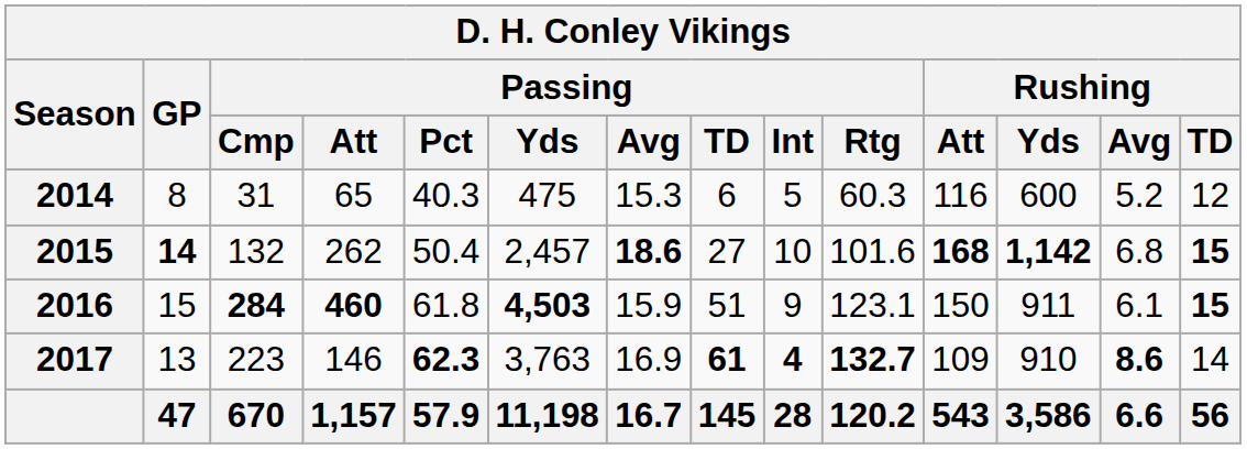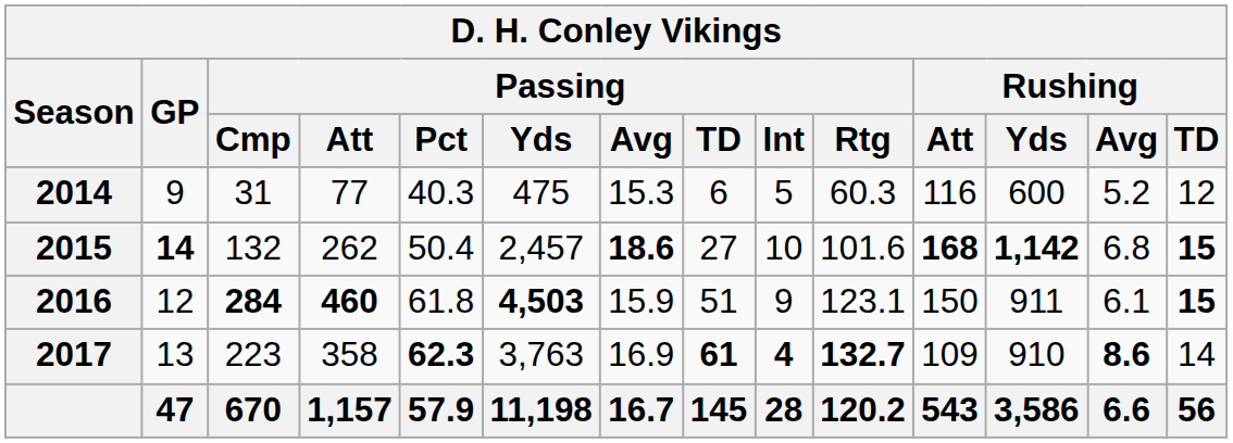 <table class="wikitable" style="text-align:center;">
 <tr>
 <th colspan="16">D. H. Conley Vikings</th>
 </tr>
 <tr>
 <th rowspan="2">Season</th>
 <th rowspan="2">GP</th>
 <th colspan="8">Passing</th>
 <th colspan="4">Rushing</th>
 </tr>
 <tr>
 <th>Cmp</th>
 <th>Att</th>
 <th>Pct</th>
 <th>Yds</th>
 <th>Avg</th>
 <th>TD</th>
 <th>Int</th>
 <th>Rtg</th>
 <th>Att</th>
 <th>Yds</th>
 <th>Avg</th>
 <th>TD</th>
 </tr>
 <tr>
 <th>2014</th>
-<td>8</td>
+<td>9</td>
 <td>31</td>
-<td>65</td>
+<td>77</td>
 <td>40.3</td>
 <td>475</td>
 <td>15.3</td>
 <td>6</td>
 <td>5</td>
 <td>60.3</td>
 <td>116</td>
 <td>600</td>
 <td>5.2</td>
 <td>12</td>
 </tr>
 <tr>
 <th>2015</th>
 <td><strong>14</strong></td>
 <td>132</td>
 <td>262</td>
 <td>50.4</td>
 <td>2,457</td>
 <td><strong>18.6</strong></td>
 <td>27</td>
 <td>10</td>
 <td>101.6</td>
 <td><strong>168</strong></td>
 <td><strong>1,142</strong></td>
 <td>6.8</td>
 <td><strong>15</strong></td>
 </tr>
 <tr>
 <th>2016</th>
-<td>15</td>
+<td>12</td>
 <td><strong>284</strong></td>
 <td><strong>460</strong></td>
 <td>61.8</td>
 <td><strong>4,503</strong></td>
 <td>15.9</td>
 <td>51</td>
 <td>9</td>
 <td>123.1</td>
 <td>150</td>
 <td>911</td>
 <td>6.1</td>
 <td><strong>15</strong></td>
 </tr>
 <tr>
 <th>2017</th>
 <td>13</td>
 <td>223</td>
-<td>146</td>
+<td>358</td>
 <td><strong>62.3</strong></td>
 <td>3,763</td>
 <td>16.9</td>
 <td><strong>61</strong></td>
 <td><strong>4</strong></td>
 <td><strong>132.7</strong></td>
 <td>109</td>
 <td>910</td>
 <td><strong>8.6</strong></td>
 <td>14</td>
 </tr>
 <tr>
 <th></th>
 <th>47</th>
 <th>670</th>
 <th>1,157</th>
 <th>57.9</th>
 <th>11,198</th>
 <th>16.7</th>
 <th>145</th>
 <th>28</th>
 <th>120.2</th>
 <th>543</th>
 <th>3,586</th>
 <th>6.6</th>
 <th>56</th>
 </tr>
 </table>
